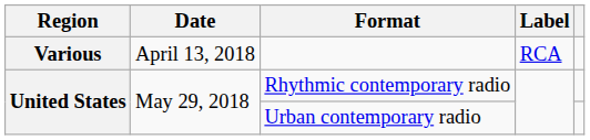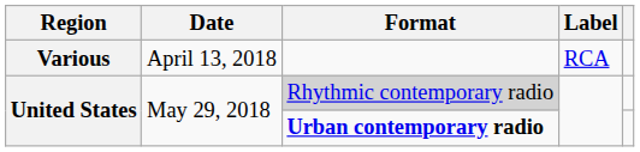 <table class="wikitable plainrowheaders">
 <tr>
 <th scope="col">Region</th>
 <th scope="col">Date</th>
 <th scope="col">Format</th>
 <th scope="col">Label</th>
 <th scope="col"></th>
 </tr>
 <tr>
 <th scope="row">Various</th>
 <td>April 13, 2018</td>
 <td></td>
 <td><a href='#'>RCA</a></td>
 <td></td>
 </tr>
 <tr>
 <th scope="row" rowspan="2">United States</th>
 <td rowspan="2">May 29, 2018</td>
-<td><a href='#'>Rhythmic contemporary</a> radio</td>
+<td style="background: lightgrey;"><a href='#'>Rhythmic contemporary</a> radio</td>
 <td rowspan="2"></td>
 <td></td>
 </tr>
 <tr>
-<td><a href='#'>Urban contemporary</a> radio</td>
+<td><strong><a href='#'>Urban contemporary</a> radio</strong></td>
 <td></td>
 </tr>
 </table>
